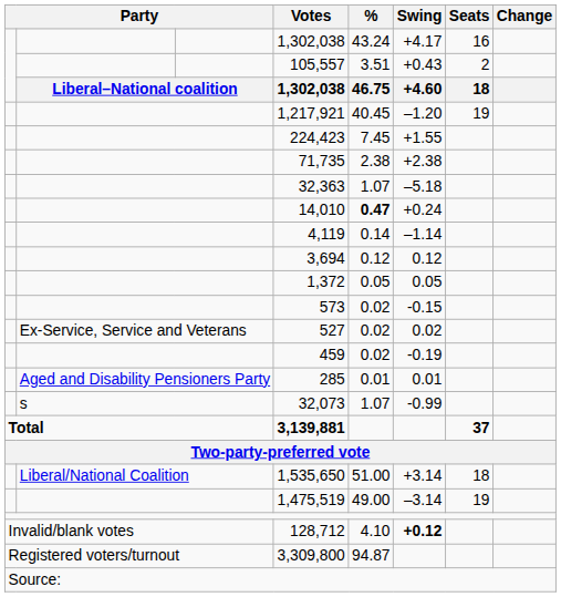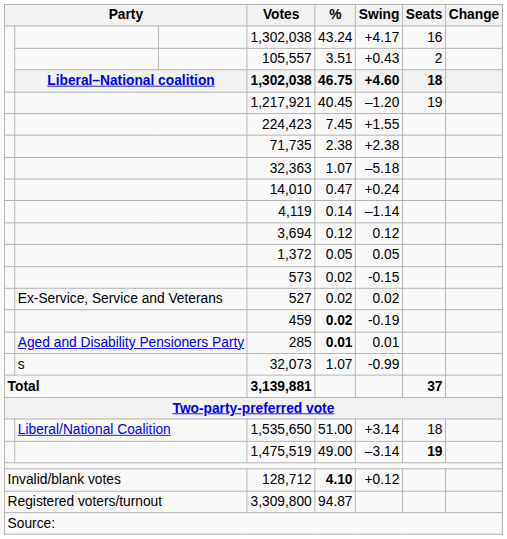 <table class="wikitable">
 <tr>
 <th colspan="3" style="width:200px">Party</th>
 <th style="width:70px; text-align:center;">Votes</th>
 <th style="width:40px; text-align:center;">%</th>
 <th style="width:40px; text-align:center;">Swing</th>
 <th style="width:40px; text-align:center;">Seats</th>
 <th style="width:40px; text-align:center;">Change</th>
 </tr>
 <tr>
 <td rowspan=3></td>
 <td> </td>
 <td></td>
 <td align=right>1,302,038</td>
 <td align=right>43.24</td>
 <td align=right>+4.17</td>
 <td align=right>16</td>
 <td align=right></td>
 </tr>
 <tr>
 <td> </td>
 <td></td>
 <td align=right>105,557</td>
 <td align=right>3.51</td>
 <td align=right>+0.43</td>
 <td align=right>2</td>
 <td align=right></td>
 </tr>
 <tr>
 <th colspan="2"><a href='#'>Liberal–National coalition</a></th>
 <th style="text-align:right;">1,302,038</th>
 <th style="text-align:right;">46.75</th>
 <th style="text-align:right;">+4.60</th>
 <th style="text-align:right;">18</th>
 <th style="text-align:right;"></th>
 </tr>
 <tr>
 <td> </td>
 <td colspan="2"></td>
 <td align="right">1,217,921</td>
 <td align="right">40.45</td>
 <td align="right">–1.20</td>
 <td align="right">19</td>
 <td align="right"></td>
 </tr>
 <tr>
 <td> </td>
 <td colspan="2"></td>
 <td align="right">224,423</td>
 <td align="right">7.45</td>
 <td align="right">+1.55</td>
 <td align="right"></td>
 <td align="right"></td>
 </tr>
 <tr>
 <td> </td>
 <td colspan="2"></td>
 <td align="right">71,735</td>
 <td align="right">2.38</td>
 <td align="right">+2.38</td>
 <td align="right"></td>
 <td align="right"></td>
 </tr>
 <tr>
 <td> </td>
 <td colspan="2"></td>
 <td align="right">32,363</td>
 <td align="right">1.07</td>
 <td align="right">–5.18</td>
 <td align="right"></td>
 <td align="right"></td>
 </tr>
 <tr>
 <td> </td>
 <td colspan="2"></td>
 <td align="right">14,010</td>
-<td align="right"><strong>0.47</strong></td>
+<td align="right">0.47</td>
 <td align="right">+0.24</td>
 <td align="right"></td>
 <td align="right"></td>
 </tr>
 <tr>
 <td> </td>
 <td colspan="2"></td>
 <td align="right">4,119</td>
 <td align="right">0.14</td>
 <td align="right">–1.14</td>
 <td align="right"></td>
 <td align="right"></td>
 </tr>
 <tr>
 <td> </td>
 <td colspan="2"></td>
 <td align="right">3,694</td>
 <td align="right">0.12</td>
 <td align="right">0.12</td>
 <td align="right"></td>
 <td align="right"></td>
 </tr>
 <tr>
 <td> </td>
 <td colspan="2"></td>
 <td align="right">1,372</td>
 <td align="right">0.05</td>
 <td align="right">0.05</td>
 <td align="right"></td>
 <td align="right"></td>
 </tr>
 <tr>
 <td> </td>
 <td colspan="2"></td>
 <td align="right">573</td>
 <td align="right">0.02</td>
 <td align="right">-0.15</td>
 <td align="right"></td>
 <td align="right"></td>
 </tr>
 <tr>
 <td> </td>
 <td colspan="2">Ex-Service, Service and Veterans</td>
 <td align="right">527</td>
 <td align="right">0.02</td>
 <td align="right">0.02</td>
 <td align="right"></td>
 <td align="right"></td>
 </tr>
 <tr>
 <td> </td>
 <td colspan="2"></td>
 <td align="right">459</td>
-<td align="right">0.02</td>
+<td align="right"><strong>0.02</strong></td>
 <td align="right">-0.19</td>
 <td align="right"></td>
 <td align="right"></td>
 </tr>
 <tr>
 <td> </td>
 <td colspan="2"><a href='#'>Aged and Disability Pensioners Party</a></td>
 <td align="right">285</td>
-<td align="right">0.01</td>
+<td align="right"><strong>0.01</strong></td>
 <td align="right">0.01</td>
 <td align="right"></td>
 <td align="right"></td>
 </tr>
 <tr>
 <td> </td>
 <td colspan="2">s</td>
 <td align="right">32,073</td>
 <td align="right">1.07</td>
 <td align="right">-0.99</td>
 <td align="right"></td>
 <td align="right"></td>
 </tr>
 <tr>
 <td colspan="3" align="left"><strong>Total</strong></td>
 <td align="right"><strong>3,139,881</strong></td>
 <td align="right"></td>
 <td></td>
 <td align="right"><strong>37</strong></td>
 <td></td>
 </tr>
 <tr>
 <th colspan="8"><a href='#'>Two-party-preferred vote</a></th>
 </tr>
 <tr>
 <td> </td>
 <td colspan="2" align="left"><a href='#'>Liberal/National Coalition</a></td>
 <td align="right">1,535,650</td>
 <td align="right">51.00</td>
 <td align="right">+3.14</td>
 <td align="right">18</td>
 <td align="right"></td>
 </tr>
 <tr>
 <td> </td>
 <td colspan="2" align="left"></td>
 <td align="right">1,475,519</td>
 <td align="right">49.00</td>
 <td align="right">–3.14</td>
-<td align="right">19</td>
+<td align="right"><strong>19</strong></td>
 <td align="right"></td>
 </tr>
 <tr>
 <td colspan="8"></td>
 </tr>
 <tr>
 <td colspan="3" align="left">Invalid/blank votes</td>
 <td align="right">128,712</td>
-<td align="right">4.10</td>
-<td align="right"><strong>+0.12</strong></td>
+<td align="right"><strong>4.10</strong></td>
+<td align="right">+0.12</td>
 <td></td>
 <td></td>
 </tr>
 <tr>
 <td colspan="3" align="left">Registered voters/turnout</td>
 <td align="right">3,309,800</td>
 <td align="right">94.87</td>
 <td></td>
 <td></td>
 <td></td>
 </tr>
 <tr>
 <td colspan="8" align="left">Source: </td>
 </tr>
 </table>
